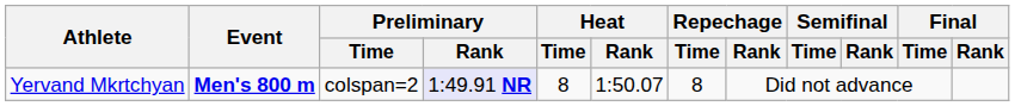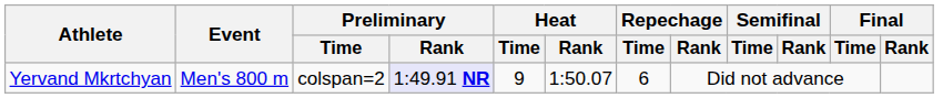 <table class="wikitable" style="font-size:90%">
 <tr>
 <th rowspan=2>Athlete</th>
 <th rowspan=2>Event</th>
 <th colspan=2>Preliminary</th>
 <th colspan=2>Heat</th>
 <th colspan=2>Repechage</th>
 <th colspan=2>Semifinal</th>
 <th colspan=2>Final</th>
 </tr>
 <tr style=font-size:95%>
 <th>Time</th>
 <th>Rank</th>
 <th>Time</th>
 <th>Rank</th>
 <th>Time</th>
 <th>Rank</th>
 <th>Time</th>
 <th>Rank</th>
 <th>Time</th>
 <th>Rank</th>
 </tr>
 <tr align=center>
 <td align=left><a href='#'>Yervand Mkrtchyan</a></td>
-<td align=left><strong><a href='#'>Men's 800 m</a></strong></td>
+<td align=left><a href='#'>Men's 800 m</a></td>
 <td>colspan=2 </td>
 <td style="background: lavender;">1:49.91 <strong><a href='#'>NR</a></strong></td>
-<td>8</td>
+<td>9</td>
 <td>1:50.07</td>
-<td>8</td>
+<td>6</td>
 <td Colspan=4>Did not advance</td>
 </tr>
 </table>
